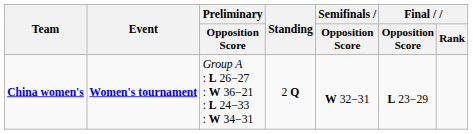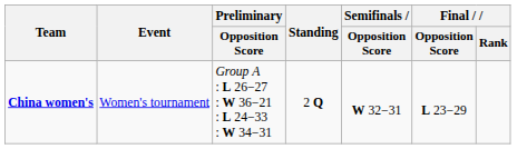 <table class=wikitable style=font-size:90%;text-align:center>
 <tr>
 <th rowspan=2>Team</th>
 <th rowspan=2>Event</th>
 <th>Preliminary</th>
 <th rowspan=2>Standing</th>
 <th>Semifinals / </th>
 <th colspan=2>Final /  / </th>
 </tr>
 <tr style="font-size:95%">
 <th>Opposition<br>Score</th>
 <th>Opposition<br>Score</th>
 <th>Opposition<br>Score</th>
 <th>Rank</th>
 </tr>
 <tr>
 <td align=left><strong><a href='#'>China women's</a></strong></td>
-<td align=left><strong><a href='#'>Women's tournament</a></strong></td>
+<td align=left><a href='#'>Women's tournament</a></td>
 <td align=left><em>Group A</em><br>: <strong>L</strong> 26−27<br>: <strong>W</strong> 36−21<br>: <strong>L</strong> 24−33 <br>: <strong>W</strong> 34−31</td>
 <td>2 <strong>Q</strong></td>
 <td> <br> <strong>W</strong> 32−31</td>
 <td> <br> <strong>L</strong> 23−29</td>
 <td></td>
 </tr>
 </table>
